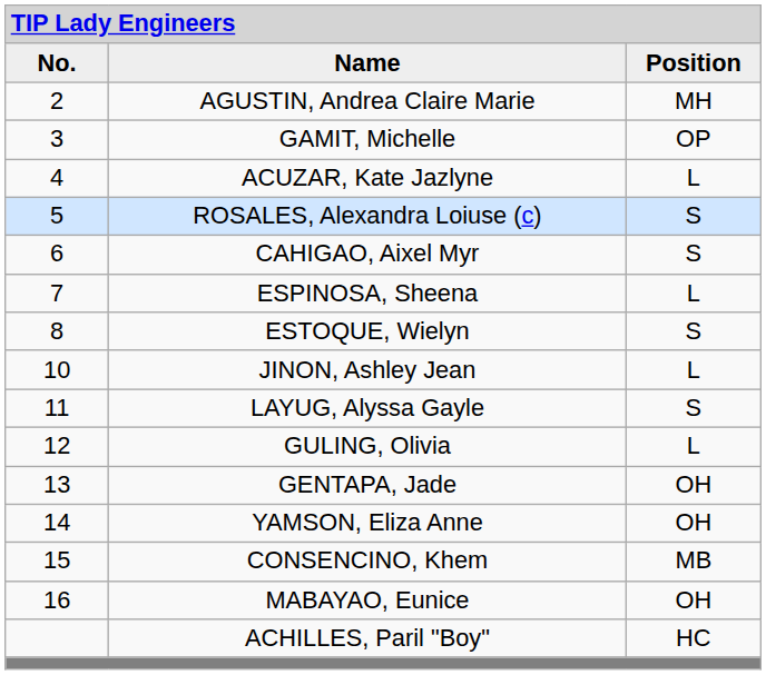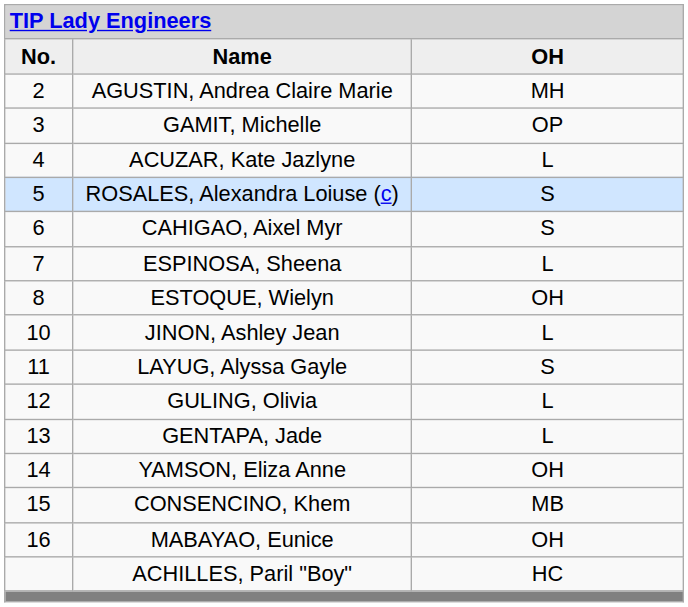 <table class='wikitable mw-collapsible mw-collapsed' style="text-align: center; width: 500px; border: none">
 <tr>
 <th style="background:#D4D4D4; text-align:left;" colspan=3><a href='#'>TIP Lady Engineers</a></th>
 </tr>
 <tr style="background:#EEEEEE; font-weight:bold;">
 <td width=10%>No.</td>
 <td width=50%>Name</td>
-<td width=10%>Position</td>
+<td align=center>OH</td>
 </tr>
 <tr>
 <td align=center>2</td>
 <td>AGUSTIN, Andrea Claire Marie</td>
 <td align=center>MH</td>
 </tr>
 <tr>
 <td align=center>3</td>
 <td>GAMIT, Michelle</td>
 <td align=center>OP</td>
 </tr>
 <tr>
 <td align=center>4</td>
 <td>ACUZAR, Kate Jazlyne</td>
 <td align=center>L</td>
 </tr>
 <tr style="background: #D0E6FF">
 <td align=center>5</td>
 <td>ROSALES, Alexandra Loiuse (<a href='#'>c</a>)</td>
 <td align=center>S</td>
 </tr>
 <tr>
 <td align=center>6</td>
 <td>CAHIGAO, Aixel Myr</td>
 <td align=center>S</td>
 </tr>
 <tr>
 <td align=center>7</td>
 <td>ESPINOSA, Sheena</td>
 <td align=center>L</td>
 </tr>
 <tr>
 <td align=center>8</td>
 <td>ESTOQUE, Wielyn</td>
-<td align=center>S</td>
+<td align=center>OH</td>
 </tr>
 <tr>
 <td align=center>10</td>
 <td>JINON, Ashley Jean</td>
 <td align=center>L</td>
 </tr>
 <tr>
 <td align=center>11</td>
 <td>LAYUG, Alyssa Gayle</td>
 <td align=center>S</td>
 </tr>
 <tr>
 <td align=center>12</td>
 <td>GULING, Olivia</td>
 <td align=center>L</td>
 </tr>
 <tr>
 <td align=center>13</td>
 <td>GENTAPA, Jade</td>
-<td align=center>OH</td>
+<td align=center>L</td>
 </tr>
 <tr>
 <td align=center>14</td>
 <td>YAMSON, Eliza Anne</td>
 <td align=center>OH</td>
 </tr>
 <tr>
 <td align=center>15</td>
 <td>CONSENCINO, Khem</td>
 <td align=center>MB</td>
 </tr>
 <tr>
 <td align=center>16</td>
 <td>MABAYAO, Eunice</td>
 <td align=center>OH</td>
 </tr>
 <tr>
 <td align=center></td>
 <td>ACHILLES, Paril "Boy"</td>
 <td align=center>HC</td>
 </tr>
 <tr>
 <th style='background: grey;' colspan=3></th>
 </tr>
 </table>
